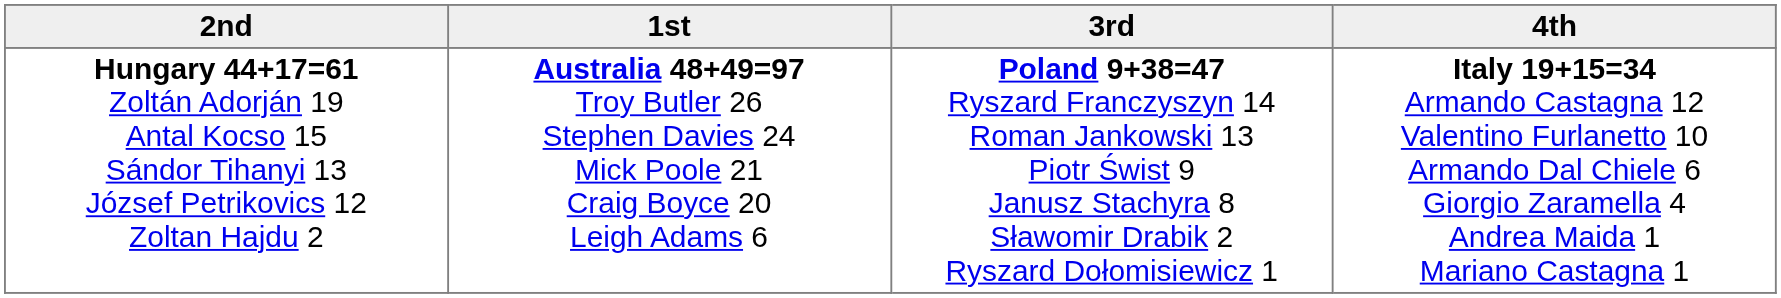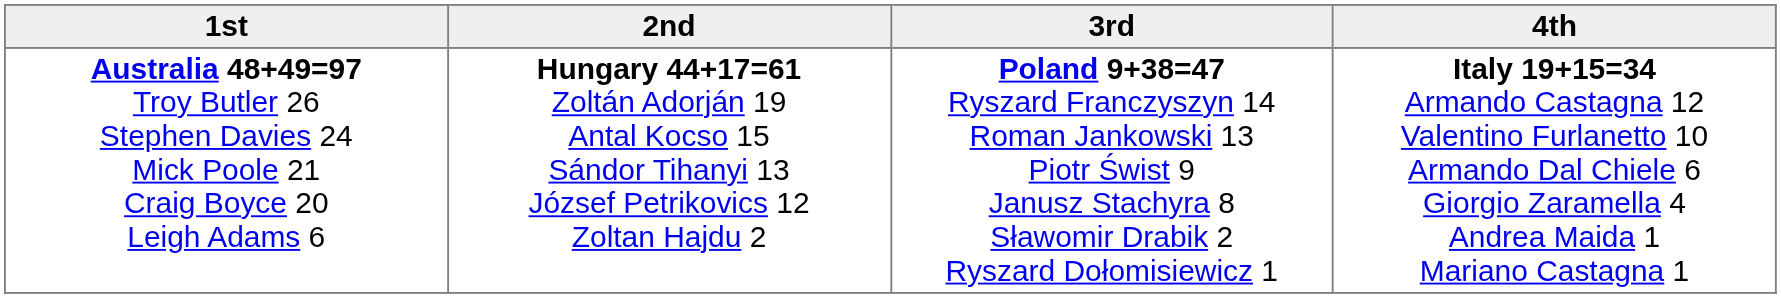 <table border=1 cellpadding=2 cellspacing=0 width=75% style="border-collapse:collapse">
 <tr align=center style="background:#efefef;">
+<th width=20% >1st</th>
 <th width=20% >2nd</th>
-<th width=20% >1st</th>
 <th width=20% >3rd</th>
 <th width=20%>4th</th>
 </tr>
 <tr align=center>
+<td valign=top ><strong><a href='#'>Australia</a> 48+49=97</strong><br><a href='#'>Troy Butler</a> 26<br><a href='#'>Stephen Davies</a> 24<br><a href='#'>Mick Poole</a> 21<br><a href='#'>Craig Boyce</a> 20<br><a href='#'>Leigh Adams</a> 6</td>
 <td valign=top ><strong>Hungary 44+17=61</strong><br><a href='#'>Zoltán Adorján</a> 19<br><a href='#'>Antal Kocso</a> 15<br><a href='#'>Sándor Tihanyi</a> 13<br><a href='#'>József Petrikovics</a> 12<br><a href='#'>Zoltan Hajdu</a> 2</td>
-<td valign=top ><strong><a href='#'>Australia</a> 48+49=97</strong><br><a href='#'>Troy Butler</a> 26<br><a href='#'>Stephen Davies</a> 24<br><a href='#'>Mick Poole</a> 21<br><a href='#'>Craig Boyce</a> 20<br><a href='#'>Leigh Adams</a> 6</td>
 <td valign=top ><strong><a href='#'>Poland</a> 9+38=47</strong><br><a href='#'>Ryszard Franczyszyn</a> 14<br><a href='#'>Roman Jankowski</a> 13<br><a href='#'>Piotr Świst</a> 9<br><a href='#'>Janusz Stachyra</a> 8<br><a href='#'>Sławomir Drabik</a> 2<br><a href='#'>Ryszard Dołomisiewicz</a> 1</td>
 <td valign=top><strong>Italy 19+15=34</strong><br><a href='#'>Armando Castagna</a> 12<br><a href='#'>Valentino Furlanetto</a> 10<br><a href='#'>Armando Dal Chiele</a> 6<br><a href='#'>Giorgio Zaramella</a> 4<br><a href='#'>Andrea Maida</a> 1<br><a href='#'>Mariano Castagna</a> 1</td>
 </tr>
 </table>
